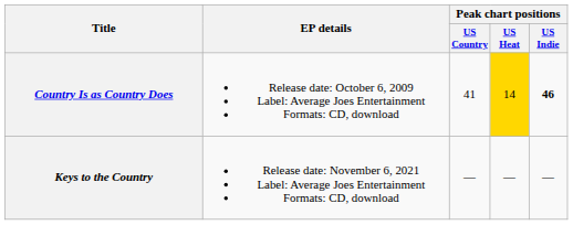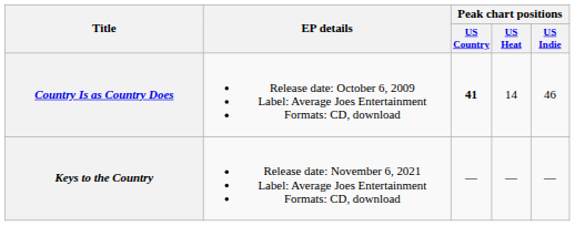 <table class="wikitable plainrowheaders" style="text-align:center;">
 <tr>
 <th rowspan="2" style="width:16em;">Title</th>
 <th rowspan="2" style="width:20em;">EP details</th>
 <th colspan="3">Peak chart positions</th>
 </tr>
 <tr style="font-size:smaller;">
 <th style="width:45px;"><a href='#'>US Country</a><br></th>
 <th style="width:45px;"><a href='#'>US<br>Heat</a><br></th>
 <th style="width:45px;"><a href='#'>US<br>Indie</a><br></th>
 </tr>
 <tr>
 <th scope="row"><em><a href='#'>Country Is as Country Does</a></em></th>
 <td><br><ul><li>Release date: October 6, 2009</li><li>Label: Average Joes Entertainment</li><li>Formats: CD, download</li></ul></td>
-<td>41</td>
-<td style="background: gold;">14</td>
-<td><strong>46</strong></td>
+<td><strong>41</strong></td>
+<td>14</td>
+<td>46</td>
 </tr>
 <tr>
 <th scope="row"><em>Keys to the Country</em></th>
 <td><br><ul><li>Release date: November 6, 2021</li><li>Label: Average Joes Entertainment</li><li>Formats: CD, download</li></ul></td>
 <td>—</td>
 <td>—</td>
 <td>—</td>
 </tr>
 </table>
